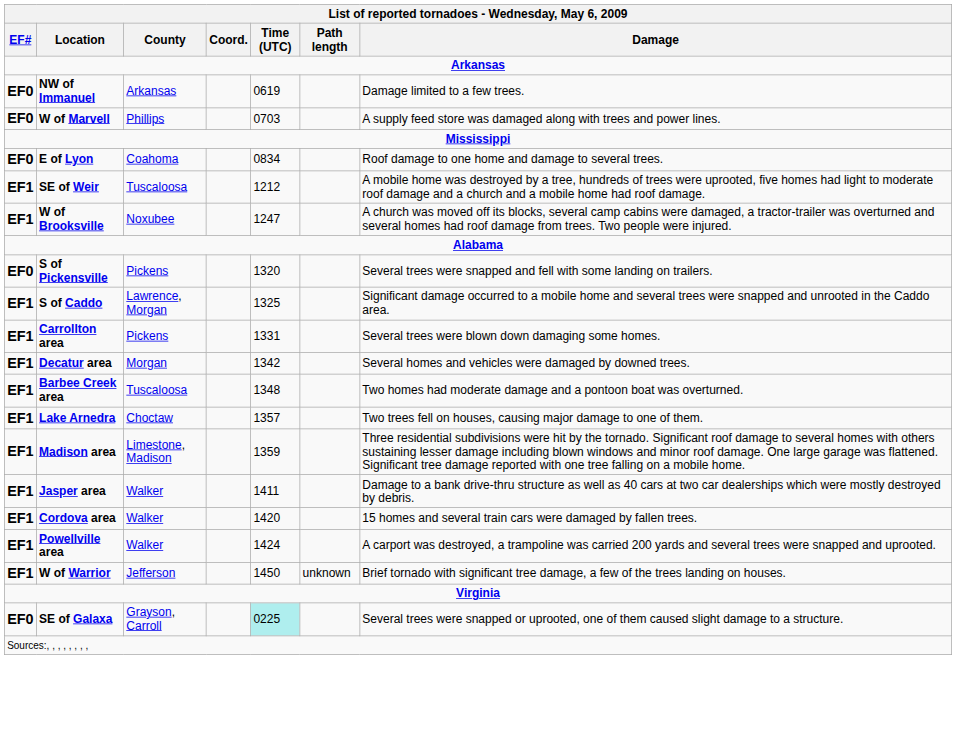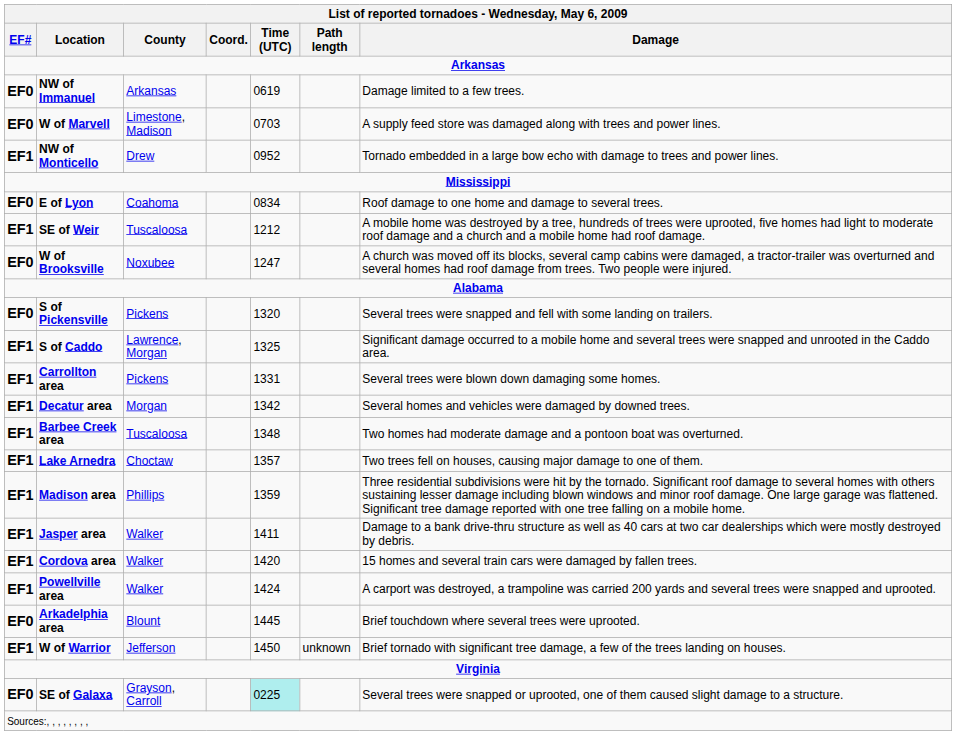 <table class="wikitable collapsible" width="100%">
 <tr>
 <th colspan="7">List of reported tornadoes - Wednesday, May 6, 2009</th>
 </tr>
 <tr>
 <th><a href='#'>EF#</a></th>
 <th>Location</th>
 <th>County</th>
 <th>Coord.</th>
 <th>Time (UTC)</th>
 <th>Path length</th>
 <th>Damage</th>
 </tr>
 <tr>
 <td colspan="7" align=center><strong><a href='#'>Arkansas</a></strong></td>
 </tr>
 <tr>
 <td><big><strong>EF0</strong></big></td>
 <td><strong>NW of <a href='#'>Immanuel</a></strong></td>
 <td><a href='#'>Arkansas</a></td>
 <td></td>
 <td>0619</td>
 <td></td>
 <td>Damage limited to a few trees.</td>
 </tr>
 <tr>
 <td><big><strong>EF0</strong></big></td>
 <td><strong>W of <a href='#'>Marvell</a></strong></td>
-<td><a href='#'>Phillips</a></td>
+<td><a href='#'>Limestone</a>, <a href='#'>Madison</a></td>
 <td></td>
 <td>0703</td>
 <td></td>
 <td>A supply feed store was damaged along with trees and power lines.</td>
+</tr>
+<tr>
+<td><big><strong>EF1</strong></big></td>
+<td><strong>NW of <a href='#'>Monticello</a></strong></td>
+<td><a href='#'>Drew</a></td>
+<td></td>
+<td>0952</td>
+<td></td>
+<td>Tornado embedded in a large bow echo with damage to trees and power lines.</td>
 </tr>
 <tr>
 <td colspan="7" align=center><strong><a href='#'>Mississippi</a></strong></td>
 </tr>
 <tr>
 <td><big><strong>EF0</strong></big></td>
 <td><strong>E of <a href='#'>Lyon</a></strong></td>
 <td><a href='#'>Coahoma</a></td>
 <td></td>
 <td>0834</td>
 <td></td>
 <td>Roof damage to one home and damage to several trees.</td>
 </tr>
 <tr>
 <td><big><strong>EF1</strong></big></td>
 <td><strong>SE of <a href='#'>Weir</a></strong></td>
 <td><a href='#'>Tuscaloosa</a></td>
 <td></td>
 <td>1212</td>
 <td></td>
 <td>A mobile home was destroyed by a tree, hundreds of trees were uprooted, five homes had light to moderate roof damage and a church and a mobile home had roof damage.</td>
 </tr>
 <tr>
-<td><big><strong>EF1</strong></big></td>
+<td><big><strong>EF0</strong></big></td>
 <td><strong>W of <a href='#'>Brooksville</a></strong></td>
 <td><a href='#'>Noxubee</a></td>
 <td></td>
 <td>1247</td>
 <td></td>
 <td>A church was moved off its blocks, several camp cabins were damaged, a tractor-trailer was overturned and several homes had roof damage from trees. Two people were injured.</td>
 </tr>
 <tr>
 <td colspan="7" align=center><strong><a href='#'>Alabama</a></strong></td>
 </tr>
 <tr>
 <td><big><strong>EF0</strong></big></td>
 <td><strong>S of <a href='#'>Pickensville</a></strong></td>
 <td><a href='#'>Pickens</a></td>
 <td></td>
 <td>1320</td>
 <td></td>
 <td>Several trees were snapped and fell with some landing on trailers.</td>
 </tr>
 <tr>
 <td><big><strong>EF1</strong></big></td>
 <td><strong>S of <a href='#'>Caddo</a></strong></td>
 <td><a href='#'>Lawrence</a>, <a href='#'>Morgan</a></td>
 <td></td>
 <td>1325</td>
 <td></td>
 <td>Significant damage occurred to a mobile home and several trees were snapped and unrooted in the Caddo area.</td>
 </tr>
 <tr>
 <td><big><strong>EF1</strong></big></td>
 <td><strong><a href='#'>Carrollton</a> area</strong></td>
 <td><a href='#'>Pickens</a></td>
 <td></td>
 <td>1331</td>
 <td></td>
 <td>Several trees were blown down damaging some homes.</td>
 </tr>
 <tr>
 <td><big><strong>EF1</strong></big></td>
 <td><strong><a href='#'>Decatur</a> area</strong></td>
 <td><a href='#'>Morgan</a></td>
 <td></td>
 <td>1342</td>
 <td></td>
 <td>Several homes and vehicles were damaged by downed trees.</td>
 </tr>
 <tr>
 <td><big><strong>EF1</strong></big></td>
 <td><strong><a href='#'>Barbee Creek</a> area</strong></td>
 <td><a href='#'>Tuscaloosa</a></td>
 <td></td>
 <td>1348</td>
 <td></td>
 <td>Two homes had moderate damage and a pontoon boat was overturned.</td>
 </tr>
 <tr>
 <td><big><strong>EF1</strong></big></td>
 <td><strong><a href='#'>Lake Arnedra</a></strong></td>
 <td><a href='#'>Choctaw</a></td>
 <td></td>
 <td>1357</td>
 <td></td>
 <td>Two trees fell on houses, causing major damage to one of them.</td>
 </tr>
 <tr>
 <td><big><strong>EF1</strong></big></td>
 <td><strong><a href='#'>Madison</a> area</strong></td>
-<td><a href='#'>Limestone</a>, <a href='#'>Madison</a></td>
+<td><a href='#'>Phillips</a></td>
 <td></td>
 <td>1359</td>
 <td></td>
 <td>Three residential subdivisions were hit by the tornado. Significant roof damage to several homes with others sustaining lesser damage including blown windows and minor roof damage. One large garage was flattened. Significant tree damage reported with one tree falling on a mobile home.</td>
 </tr>
 <tr>
 <td><big><strong>EF1</strong></big></td>
 <td><strong><a href='#'>Jasper</a> area</strong></td>
 <td><a href='#'>Walker</a></td>
 <td></td>
 <td>1411</td>
 <td></td>
 <td>Damage to a bank drive-thru structure as well as 40 cars at two car dealerships which were mostly destroyed by debris.</td>
 </tr>
 <tr>
 <td><big><strong>EF1</strong></big></td>
 <td><strong><a href='#'>Cordova</a> area</strong></td>
 <td><a href='#'>Walker</a></td>
 <td></td>
 <td>1420</td>
 <td></td>
 <td>15 homes and several train cars were damaged by fallen trees.</td>
 </tr>
 <tr>
 <td><big><strong>EF1</strong></big></td>
 <td><strong><a href='#'>Powellville</a> area</strong></td>
 <td><a href='#'>Walker</a></td>
 <td></td>
 <td>1424</td>
 <td></td>
 <td>A carport was destroyed, a trampoline was carried 200 yards and several trees were snapped and uprooted.</td>
 </tr>
 <tr>
+<td><big><strong>EF0</strong></big></td>
+<td><strong><a href='#'>Arkadelphia</a> area</strong></td>
+<td><a href='#'>Blount</a></td>
+<td></td>
+<td>1445</td>
+<td></td>
+<td>Brief touchdown where several trees were uprooted.</td>
+</tr>
+<tr>
 <td><big><strong>EF1</strong></big></td>
 <td><strong>W of <a href='#'>Warrior</a></strong></td>
 <td><a href='#'>Jefferson</a></td>
 <td></td>
 <td>1450</td>
 <td>unknown</td>
 <td>Brief tornado with significant tree damage, a few of the trees landing on houses.</td>
 </tr>
 <tr>
 <td colspan="7" align=center><strong><a href='#'>Virginia</a></strong></td>
 </tr>
 <tr>
 <td><big><strong>EF0</strong></big></td>
 <td><strong>SE of <a href='#'>Galaxa</a></strong></td>
 <td><a href='#'>Grayson</a>, <a href='#'>Carroll</a></td>
 <td></td>
 <td style="background: paleturquoise;">0225</td>
 <td></td>
 <td>Several trees were snapped or uprooted, one of them caused slight damage to a structure.</td>
 </tr>
 <tr>
 <td colspan="7"><small>Sources:, , , , , , , , </small></td>
 </tr>
 </table>
